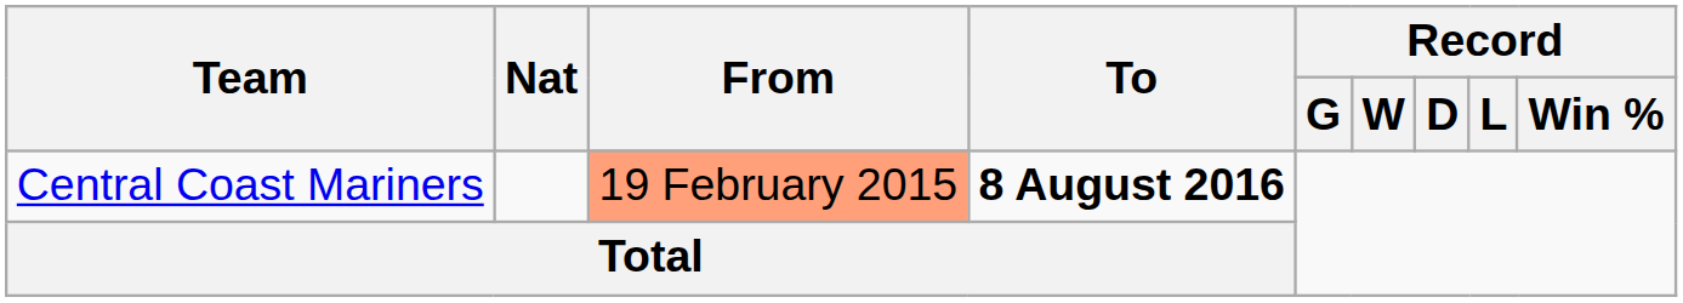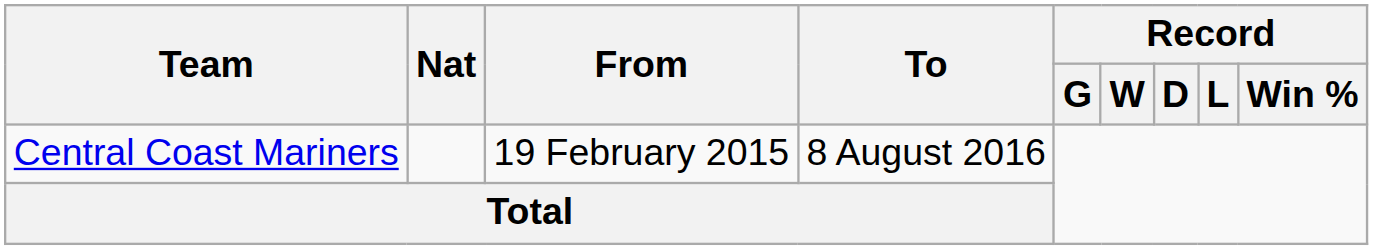 <table class="wikitable" style="text-align: center">
 <tr>
 <th rowspan=2>Team</th>
 <th rowspan=2>Nat</th>
 <th rowspan=2>From</th>
 <th rowspan=2>To</th>
 <th colspan=5>Record</th>
 </tr>
 <tr>
 <th>G</th>
 <th>W</th>
 <th>D</th>
 <th>L</th>
 <th>Win %</th>
 </tr>
 <tr>
 <td align=left><a href='#'>Central Coast Mariners</a></td>
 <td></td>
-<td align=left style="background: lightsalmon;">19 February 2015</td>
-<td align=left><strong>8 August 2016<br></strong></td>
+<td align=left>19 February 2015</td>
+<td align=left>8 August 2016<br></td>
 </tr>
 <tr>
 <th colspan=4>Total<br></th>
 </tr>
 </table>
